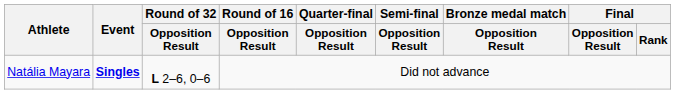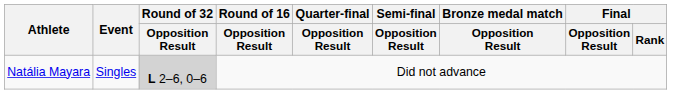 <table class="wikitable" border="1">
 <tr>
 <th rowspan="2">Athlete</th>
 <th rowspan="2">Event</th>
 <th>Round of 32</th>
 <th>Round of 16</th>
 <th>Quarter-final</th>
 <th>Semi-final</th>
 <th>Bronze medal match</th>
 <th colspan=2>Final</th>
 </tr>
 <tr style="font-size:95%">
 <th>Opposition<br>Result</th>
 <th>Opposition<br>Result</th>
 <th>Opposition<br>Result</th>
 <th>Opposition<br>Result</th>
 <th>Opposition<br>Result</th>
 <th>Opposition<br>Result</th>
 <th>Rank</th>
 </tr>
 <tr>
 <td><a href='#'>Natália Mayara</a></td>
-<td><strong><a href='#'>Singles</a></strong></td>
-<td align=center><br><strong>L</strong> 2–6, 0–6</td>
+<td><a href='#'>Singles</a></td>
+<td align=center style="background: lightgrey;"><br><strong>L</strong> 2–6, 0–6</td>
 <td colspan=6 align=center>Did not advance</td>
 </tr>
 </table>
